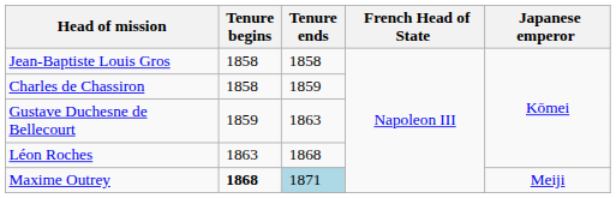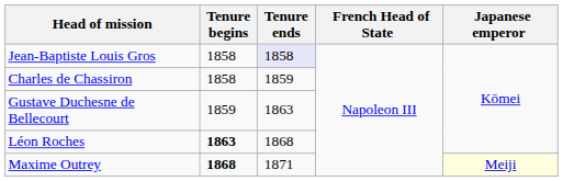 <table class="wikitable">
 <tr>
 <th>Head of mission</th>
 <th> Tenure <br> begins</th>
 <th> Tenure <br> ends</th>
 <th> French Head of State </th>
 <th> Japanese emperor </th>
 </tr>
 <tr>
 <td><a href='#'>Jean-Baptiste Louis Gros</a></td>
 <td> 1858</td>
-<td> 1858</td>
+<td style="background: lavender;"> 1858</td>
 <td rowspan="5" style="text-align:center;"><a href='#'>Napoleon III</a></td>
 <td rowspan="4" style="text-align:center;"><a href='#'>Kōmei</a></td>
 </tr>
 <tr>
 <td><a href='#'>Charles de Chassiron</a>    </td>
 <td> 1858</td>
 <td> 1859</td>
 </tr>
 <tr>
 <td><a href='#'>Gustave Duchesne de Bellecourt</a>        </td>
 <td> 1859</td>
 <td> 1863</td>
 </tr>
 <tr>
 <td><a href='#'>Léon Roches</a></td>
-<td> 1863</td>
+<td><strong> 1863</strong></td>
 <td> 1868</td>
 </tr>
 <tr>
 <td><a href='#'>Maxime Outrey</a></td>
 <td><strong> 1868</strong></td>
-<td style="background: lightblue;"> 1871</td>
-<td style="text-align:center;"><a href='#'>Meiji</a></td>
+<td> 1871</td>
+<td style="background: lightyellow; text-align:center;"><a href='#'>Meiji</a></td>
 </tr>
 </table>
